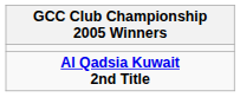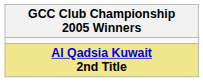 <table class="wikitable" style="text-align: center; margin: 0 auto; width: 20%">
 <tr>
 <th>GCC Club Championship <br>2005 Winners</th>
 </tr>
 <tr>
 <td></td>
 </tr>
 <tr>
-<td><strong><a href='#'>Al Qadsia Kuwait</a></strong><br><strong>2nd Title</strong></td>
+<td style="background: khaki;"><strong><a href='#'>Al Qadsia Kuwait</a></strong><br><strong>2nd Title</strong></td>
 </tr>
 </table>
